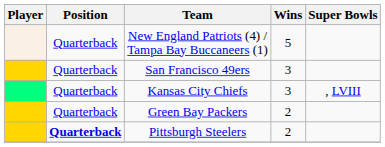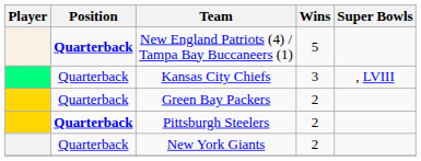 <table class="wikitable sortable plainrowheaders" border="1" style="text-align:center">
 <tr>
 <th scope="col" style="text-align:center;">Player</th>
 <th scope="col" style="text-align:center;">Position</th>
 <th scope="col" style="text-align:center;">Team</th>
 <th scope="col" style="text-align:center;">Wins</th>
 <th scope="col" style="text-align:center;">Super Bowls</th>
 </tr>
 <tr>
 <th scope="row" style="text-align:center; background-color:#FAF0E6"></th>
-<td><a href='#'>Quarterback</a></td>
+<td><strong><a href='#'>Quarterback</a></strong></td>
 <td><a href='#'>New England Patriots</a> (4) /<br><a href='#'>Tampa Bay Buccaneers</a> (1)</td>
 <td>5</td>
-<td></td>
-</tr>
-<tr>
-<th scope="row" style="text-align:center; background-color:#FFD700"></th>
-<td><a href='#'>Quarterback</a></td>
-<td><a href='#'>San Francisco 49ers</a></td>
-<td>3</td>
 <td></td>
 </tr>
 <tr>
 <th scope="row" style="text-align:center; background-color:#00ff7f"></th>
 <td><a href='#'>Quarterback</a></td>
 <td><a href='#'>Kansas City Chiefs</a></td>
 <td>3</td>
 <td>, <a href='#'>LVIII</a></td>
 </tr>
 <tr>
 <th scope="row" style="text-align:center; background-color:#FFD700"></th>
 <td><a href='#'>Quarterback</a></td>
 <td><a href='#'>Green Bay Packers</a></td>
 <td>2</td>
 <td></td>
 </tr>
 <tr>
 <th scope="row" style="text-align:center; background-color:#FFD700"></th>
 <td><strong><a href='#'>Quarterback</a></strong></td>
 <td><a href='#'>Pittsburgh Steelers</a></td>
 <td>2</td>
 <td></td>
 </tr>
 <tr>
+<th scope="row" style="text-align:center"></th>
+<td><a href='#'>Quarterback</a></td>
+<td><a href='#'>New York Giants</a></td>
+<td>2</td>
+<td></td>
+</tr>
+<tr>
 </tr>
 </table>
